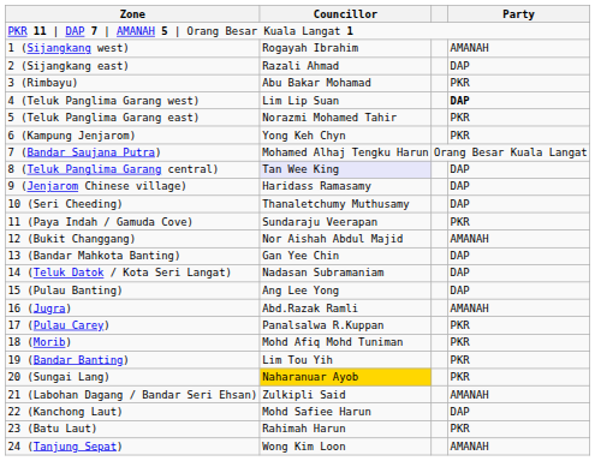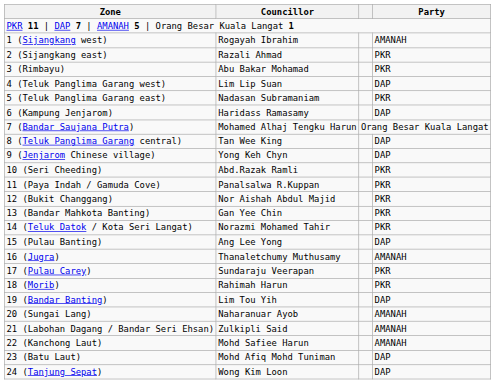 <table class="wikitable sortable" style="margin: 1em auto 1em auto">
 <tr>
 <th>Zone</th>
 <th>Councillor</th>
 <th></th>
 <th>Party</th>
 </tr>
 <tr>
 <td colspan = "8"><a href='#'>PKR</a> <strong>11</strong> | <a href='#'>DAP</a> <strong>7</strong> | <a href='#'>AMANAH</a> <strong>5</strong> | Orang Besar Kuala Langat <strong>1</strong></td>
 </tr>
 <tr>
 <td>1 (<a href='#'>Sijangkang</a> west)</td>
 <td>Rogayah Ibrahim</td>
 <td style="background:"></td>
 <td>AMANAH</td>
 </tr>
 <tr>
 <td>2 (Sijangkang east)</td>
 <td>Razali Ahmad</td>
 <td style="background:"></td>
-<td>DAP</td>
+<td>PKR</td>
 </tr>
 <tr>
 <td>3 (Rimbayu)</td>
 <td>Abu Bakar Mohamad</td>
 <td style="background:"></td>
 <td>PKR</td>
 </tr>
 <tr>
 <td>4 (Teluk Panglima Garang west)</td>
 <td>Lim Lip Suan</td>
 <td style="background:"></td>
-<td><strong>DAP</strong></td>
+<td>DAP</td>
 </tr>
 <tr>
 <td>5 (Teluk Panglima Garang east)</td>
-<td>Norazmi Mohamed Tahir</td>
+<td>Nadasan Subramaniam</td>
 <td style="background:"></td>
 <td>PKR</td>
 </tr>
 <tr>
 <td>6 (Kampung Jenjarom)</td>
-<td>Yong Keh Chyn</td>
+<td>Haridass Ramasamy</td>
 <td style="background:"></td>
-<td>PKR</td>
+<td>DAP</td>
 </tr>
 <tr>
 <td>7 (<a href='#'>Bandar Saujana Putra</a>)</td>
 <td>Mohamed Alhaj Tengku Harun</td>
 <td colspan=2>Orang Besar Kuala Langat</td>
 </tr>
 <tr>
 <td>8 (<a href='#'>Teluk Panglima Garang</a> central)</td>
-<td style="background: lavender;">Tan Wee King</td>
+<td>Tan Wee King</td>
 <td style="background:"></td>
 <td>DAP</td>
 </tr>
 <tr>
 <td>9 (<a href='#'>Jenjarom</a> Chinese village)</td>
-<td>Haridass Ramasamy</td>
+<td>Yong Keh Chyn</td>
 <td style="background:"></td>
 <td>DAP</td>
 </tr>
 <tr>
 <td>10 (Seri Cheeding)</td>
-<td>Thanaletchumy Muthusamy</td>
+<td>Abd.Razak Ramli</td>
 <td style="background:"></td>
-<td>DAP</td>
+<td>PKR</td>
 </tr>
 <tr>
 <td>11 (Paya Indah / Gamuda Cove)</td>
-<td>Sundaraju Veerapan</td>
+<td>Panalsalwa R.Kuppan</td>
 <td style="background:"></td>
 <td>PKR</td>
 </tr>
 <tr>
 <td>12 (Bukit Changgang)</td>
 <td>Nor Aishah Abdul Majid</td>
 <td style="background:"></td>
-<td>AMANAH</td>
+<td>PKR</td>
 </tr>
 <tr>
 <td>13 (Bandar Mahkota Banting)</td>
 <td>Gan Yee Chin</td>
 <td style="background:"></td>
-<td>DAP</td>
+<td>PKR</td>
 </tr>
 <tr>
 <td>14 (<a href='#'>Teluk Datok</a> / Kota Seri Langat)</td>
-<td>Nadasan Subramaniam</td>
+<td>Norazmi Mohamed Tahir</td>
 <td style="background:"></td>
-<td>DAP</td>
+<td>PKR</td>
 </tr>
 <tr>
 <td>15 (Pulau Banting)</td>
 <td>Ang Lee Yong</td>
 <td style="background:"></td>
 <td>DAP</td>
 </tr>
 <tr>
 <td>16 (<a href='#'>Jugra</a>)</td>
-<td>Abd.Razak Ramli</td>
+<td>Thanaletchumy Muthusamy</td>
 <td style="background:"></td>
 <td>AMANAH</td>
 </tr>
 <tr>
 <td>17 (<a href='#'>Pulau Carey</a>)</td>
-<td>Panalsalwa R.Kuppan</td>
+<td>Sundaraju Veerapan</td>
 <td style="background:"></td>
 <td>PKR</td>
 </tr>
 <tr>
 <td>18 (<a href='#'>Morib</a>)</td>
-<td>Mohd Afiq Mohd Tuniman</td>
+<td>Rahimah Harun</td>
 <td style="background:"></td>
 <td>PKR</td>
 </tr>
 <tr>
 <td>19 (<a href='#'>Bandar Banting</a>)</td>
 <td>Lim Tou Yih</td>
 <td style="background:"></td>
-<td>PKR</td>
+<td>DAP</td>
 </tr>
 <tr>
 <td>20 (Sungai Lang)</td>
-<td style="background: gold;">Naharanuar Ayob</td>
+<td>Naharanuar Ayob</td>
 <td style="background:"></td>
-<td>PKR</td>
+<td>AMANAH</td>
 </tr>
 <tr>
 <td>21 (Labohan Dagang / Bandar Seri Ehsan)</td>
 <td>Zulkipli Said</td>
 <td style="background:"></td>
 <td>AMANAH</td>
 </tr>
 <tr>
 <td>22 (Kanchong Laut)</td>
 <td>Mohd Safiee Harun</td>
 <td style="background:"></td>
-<td>DAP</td>
+<td>AMANAH</td>
 </tr>
 <tr>
 <td>23 (Batu Laut)</td>
-<td>Rahimah Harun</td>
+<td>Mohd Afiq Mohd Tuniman</td>
 <td style="background:"></td>
-<td>PKR</td>
+<td>DAP</td>
 </tr>
 <tr>
 <td>24 (<a href='#'>Tanjung Sepat</a>)</td>
 <td>Wong Kim Loon</td>
 <td style="background:"></td>
-<td>AMANAH</td>
+<td>DAP</td>
 </tr>
 </table>
